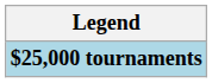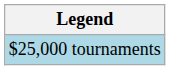 <table class="wikitable" style="font-size:90%">
 <tr>
 <th>Legend</th>
 </tr>
 <tr bgcolor="lightblue">
-<td><strong>$25,000 tournaments</strong></td>
+<td>$25,000 tournaments</td>
 </tr>
 </table>
